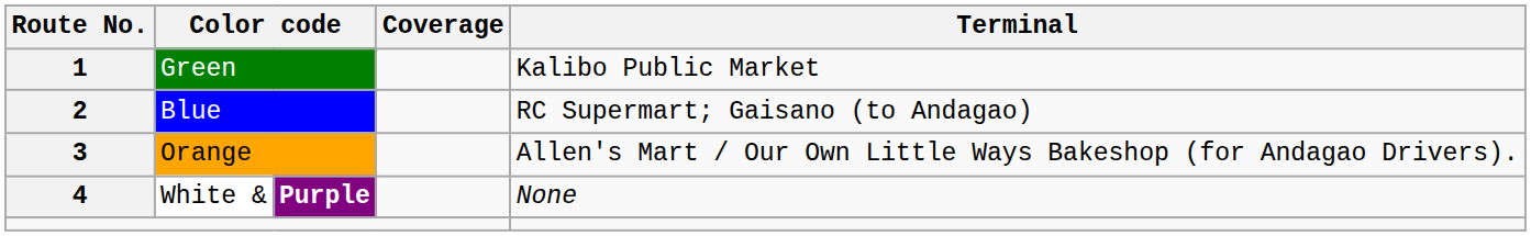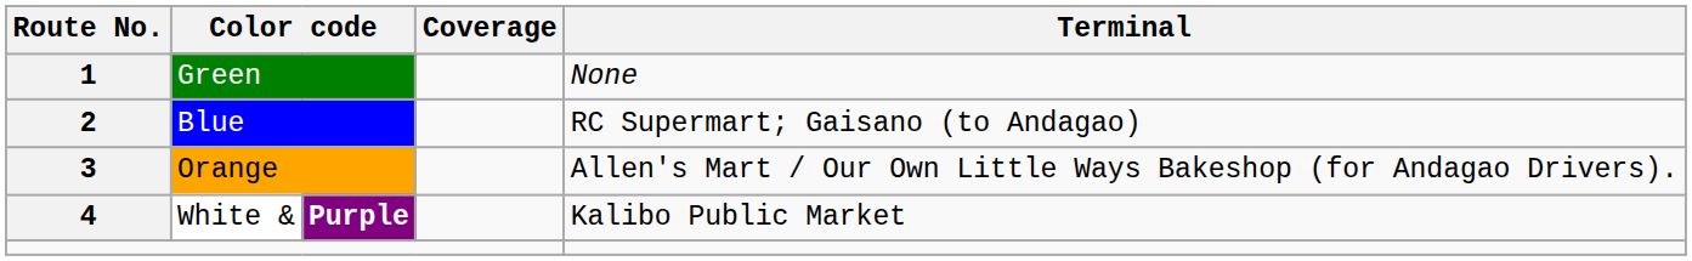 <table class="wikitable" style="font-size:90%;">
 <tr>
 <th scope="col">Route No.</th>
 <th scope="col" colspan="2">Color code</th>
 <th scope="col">Coverage</th>
 <th scope="col">Terminal</th>
 </tr>
 <tr>
 <th scope="row">1</th>
 <td style="background-color:green;color:white;" colspan="2">Green</td>
 <td></td>
-<td>Kalibo Public Market</td>
+<td><em>None</em></td>
 </tr>
 <tr>
 <th scope="row">2</th>
 <td style="background-color:blue;color:white;" colspan="2">Blue</td>
 <td></td>
 <td>RC Supermart; Gaisano (to Andagao)</td>
 </tr>
 <tr>
 <th scope="row">3</th>
 <td style="background-color:orange;" colspan="2">Orange</td>
 <td></td>
 <td>Allen's Mart / Our Own Little Ways Bakeshop (for Andagao Drivers).</td>
 </tr>
 <tr>
 <th scope="row">4</th>
 <td style="background-color:white;">White &</td>
 <td style="background-color:purple;color:white;"><strong>Purple</strong></td>
 <td></td>
-<td><em>None</em></td>
+<td>Kalibo Public Market</td>
 </tr>
 <tr class="sortbottom">
 <td colspan="4"><em></em></td>
 </tr>
 </table>
